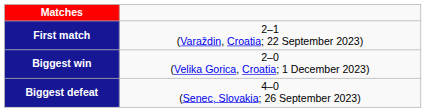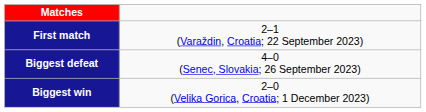 <table class="wikitable collapsible" style="width:50%;text-align:center">
 <tr>
 <th style="background:#ff0000; color:white; "><strong>Matches</strong></th>
 </tr>
 <tr>
 <th style="background:#171796; color:white; ">First match</th>
 <td> 2–1 <br>(<a href='#'>Varaždin</a>, <a href='#'>Croatia</a>; 22 September 2023)</td>
 </tr>
 <tr>
+<th style="background:#171796; color:white; ">Biggest defeat</th>
+<td> 4–0 <br>(<a href='#'>Senec, Slovakia</a>; 26 September 2023)</td>
+</tr>
+<tr>
 <th style="background:#171796; color:white; ">Biggest win</th>
 <td> 2–0 <br>(<a href='#'>Velika Gorica</a>, <a href='#'>Croatia</a>; 1 December 2023)</td>
 </tr>
-<tr>
-<th style="background:#171796; color:white; ">Biggest defeat</th>
-<td> 4–0 <br>(<a href='#'>Senec, Slovakia</a>; 26 September 2023)</td>
-</tr>
 </table>
